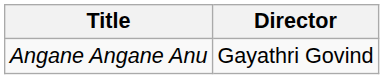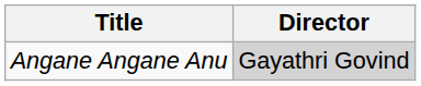 <table class="wikitable sortable">
 <tr>
 <th>Title</th>
 <th>Director</th>
 </tr>
 <tr>
 <td><em>Angane Angane Anu</em></td>
-<td>Gayathri Govind</td>
+<td style="background: lightgrey;">Gayathri Govind</td>
 </tr>
 </table>
